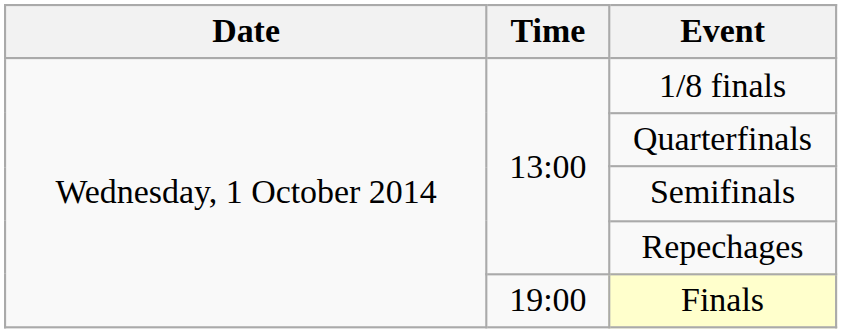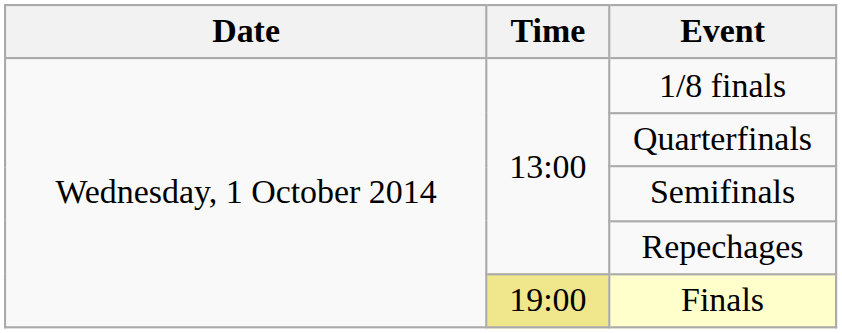 <table class = "wikitable" style="text-align:center;">
 <tr>
 <th width=220>Date</th>
 <th width=50>Time</th>
 <th width=100>Event</th>
 </tr>
 <tr>
 <td rowspan=5>Wednesday, 1 October 2014</td>
 <td rowspan=4>13:00</td>
 <td>1/8 finals</td>
 </tr>
 <tr>
 <td>Quarterfinals</td>
 </tr>
 <tr>
 <td>Semifinals</td>
 </tr>
 <tr>
 <td>Repechages</td>
 </tr>
 <tr>
-<td>19:00</td>
+<td style="background: khaki;">19:00</td>
 <td bgcolor=ffffcc>Finals</td>
 </tr>
 </table>
